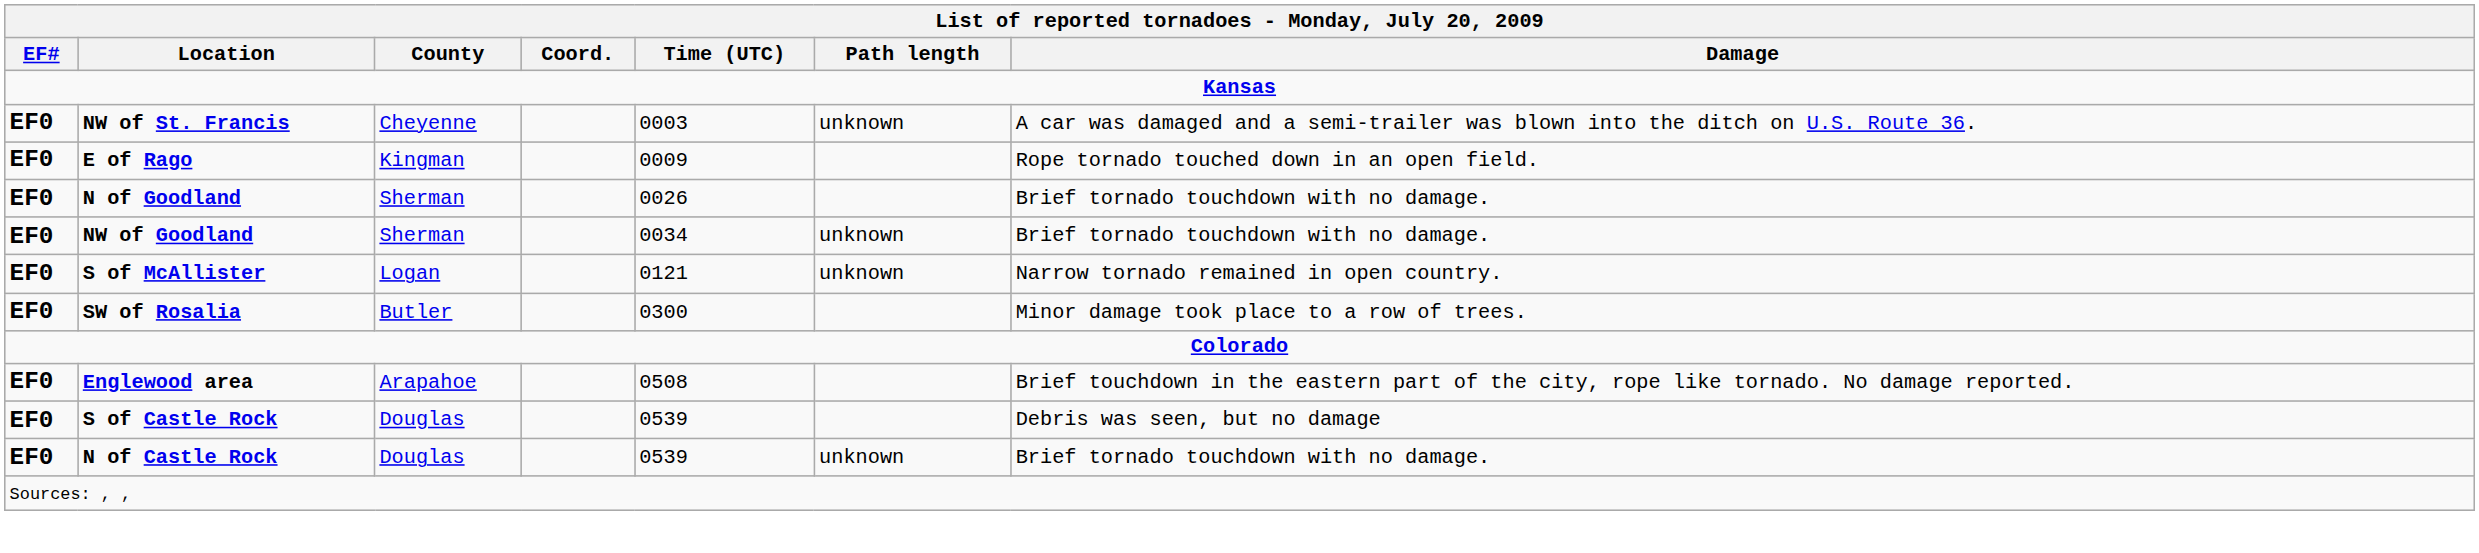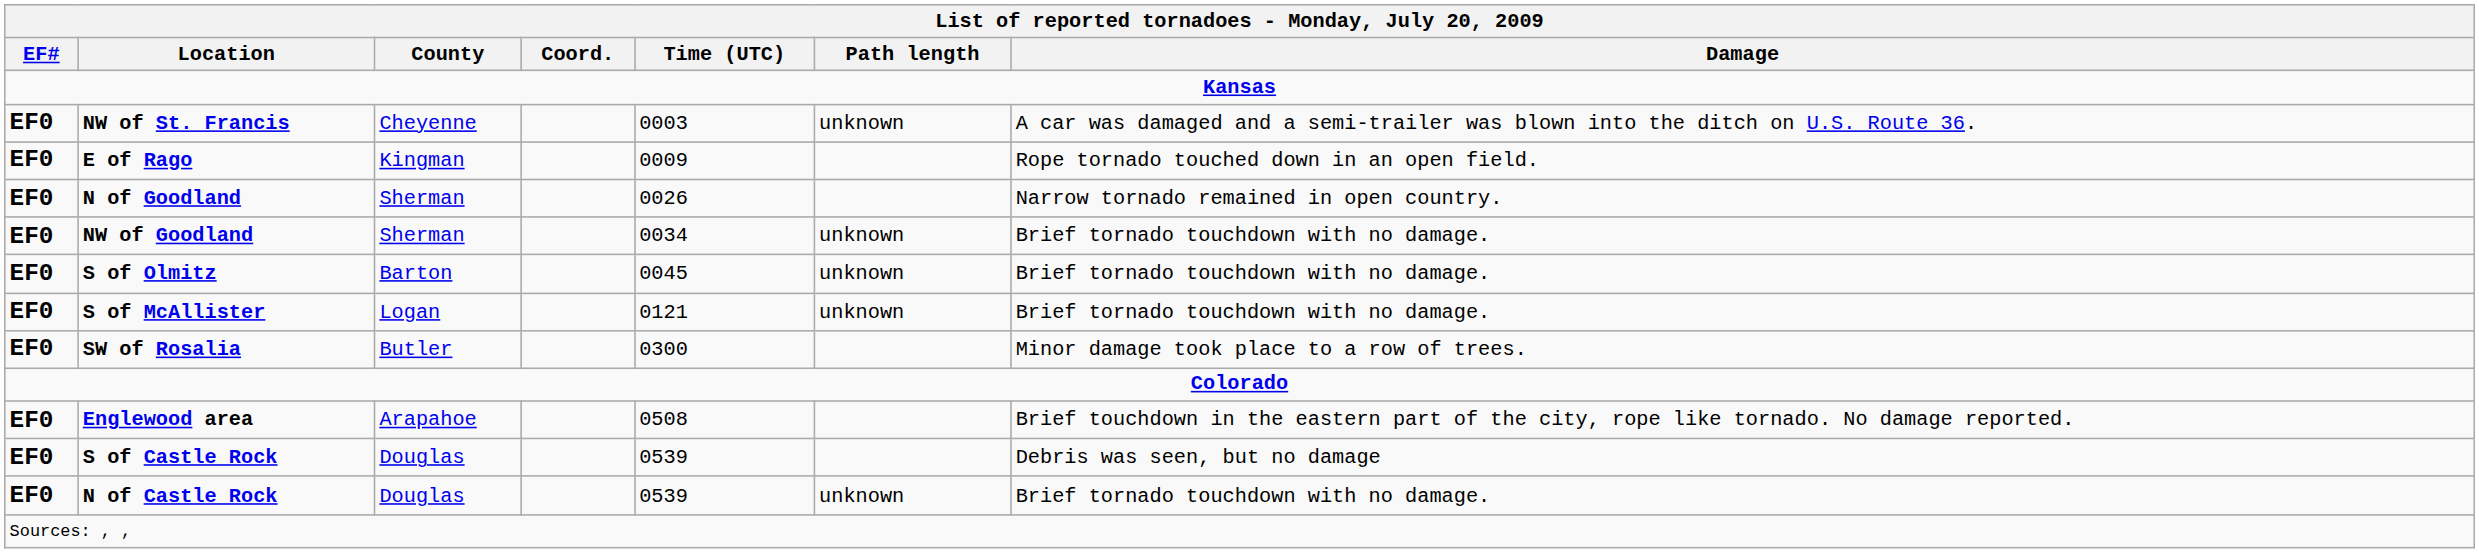 <table class="wikitable collapsible" style="width:100%;">
 <tr>
 <th colspan="7">List of reported tornadoes - Monday, July 20, 2009</th>
 </tr>
 <tr>
 <th><a href='#'>EF#</a></th>
 <th>Location</th>
 <th>County</th>
 <th>Coord.</th>
 <th>Time (UTC)</th>
 <th>Path length</th>
 <th>Damage</th>
 </tr>
 <tr>
 <td colspan="7" style="text-align:center;"><strong><a href='#'>Kansas</a></strong></td>
 </tr>
 <tr>
 <td><big><strong>EF0</strong></big></td>
 <td><strong>NW of <a href='#'>St. Francis</a></strong></td>
 <td><a href='#'>Cheyenne</a></td>
 <td></td>
 <td>0003</td>
 <td>unknown</td>
 <td>A car was damaged and a semi-trailer was blown into the ditch on <a href='#'>U.S. Route 36</a>.</td>
 </tr>
 <tr>
 <td><big><strong>EF0</strong></big></td>
 <td><strong>E of <a href='#'>Rago</a></strong></td>
 <td><a href='#'>Kingman</a></td>
 <td></td>
 <td>0009</td>
 <td></td>
 <td>Rope tornado touched down in an open field.</td>
 </tr>
 <tr>
 <td><big><strong>EF0</strong></big></td>
 <td><strong>N of <a href='#'>Goodland</a></strong></td>
 <td><a href='#'>Sherman</a></td>
 <td></td>
 <td>0026</td>
 <td></td>
-<td>Brief tornado touchdown with no damage.</td>
+<td>Narrow tornado remained in open country.</td>
 </tr>
 <tr>
 <td><big><strong>EF0</strong></big></td>
 <td><strong>NW of <a href='#'>Goodland</a></strong></td>
 <td><a href='#'>Sherman</a></td>
 <td></td>
 <td>0034</td>
 <td>unknown</td>
 <td>Brief tornado touchdown with no damage.</td>
 </tr>
 <tr>
 <td><big><strong>EF0</strong></big></td>
+<td><strong>S of <a href='#'>Olmitz</a></strong></td>
+<td><a href='#'>Barton</a></td>
+<td></td>
+<td>0045</td>
+<td>unknown</td>
+<td>Brief tornado touchdown with no damage.</td>
+</tr>
+<tr>
+<td><big><strong>EF0</strong></big></td>
 <td><strong>S of <a href='#'>McAllister</a></strong></td>
 <td><a href='#'>Logan</a></td>
 <td></td>
 <td>0121</td>
 <td>unknown</td>
-<td>Narrow tornado remained in open country.</td>
+<td>Brief tornado touchdown with no damage.</td>
 </tr>
 <tr>
 <td><big><strong>EF0</strong></big></td>
 <td><strong>SW of <a href='#'>Rosalia</a></strong></td>
 <td><a href='#'>Butler</a></td>
 <td></td>
 <td>0300</td>
 <td></td>
 <td>Minor damage took place to a row of trees.</td>
 </tr>
 <tr>
 <td colspan="7" style="text-align:center;"><strong><a href='#'>Colorado</a></strong></td>
 </tr>
 <tr>
 <td><big><strong>EF0</strong></big></td>
 <td><strong><a href='#'>Englewood</a> area</strong></td>
 <td><a href='#'>Arapahoe</a></td>
 <td></td>
 <td>0508</td>
 <td></td>
 <td>Brief touchdown in the eastern part of the city, rope like tornado. No damage reported.</td>
 </tr>
 <tr>
 <td><big><strong>EF0</strong></big></td>
 <td><strong>S of <a href='#'>Castle Rock</a></strong></td>
 <td><a href='#'>Douglas</a></td>
 <td></td>
 <td>0539</td>
 <td></td>
 <td>Debris was seen, but no damage</td>
 </tr>
 <tr>
 <td><big><strong>EF0</strong></big></td>
 <td><strong>N of <a href='#'>Castle Rock</a></strong></td>
 <td><a href='#'>Douglas</a></td>
 <td></td>
 <td>0539</td>
 <td>unknown</td>
 <td>Brief tornado touchdown with no damage.</td>
 </tr>
 <tr>
 <td colspan="7"><small>Sources: , , </small></td>
 </tr>
 </table>
